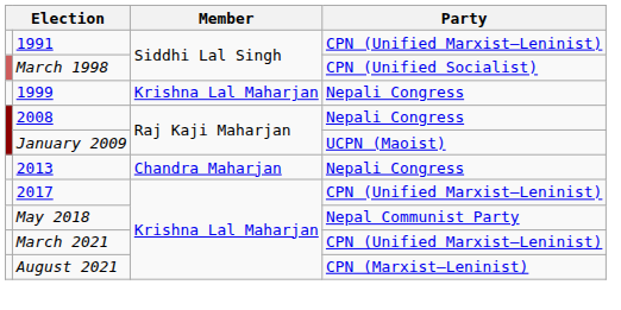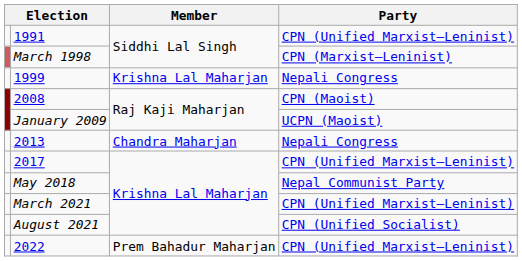 <table class="wikitable">
 <tr>
 <th colspan="2">Election</th>
 <th>Member</th>
 <th>Party</th>
 </tr>
 <tr>
 <td style="background-color:"></td>
 <td><a href='#'>1991</a></td>
 <td rowspan="2">Siddhi Lal Singh</td>
 <td><a href='#'>CPN (Unified Marxist–Leninist)</a></td>
 </tr>
 <tr>
 <td style="background-color:indianred"></td>
 <td><em>March 1998</em></td>
-<td><a href='#'>CPN (Unified Socialist)</a></td>
+<td><a href='#'>CPN (Marxist–Leninist)</a></td>
 </tr>
 <tr>
 <td style="background-color:"></td>
 <td><a href='#'>1999</a></td>
 <td><a href='#'>Krishna Lal Maharjan</a></td>
 <td><a href='#'>Nepali Congress</a></td>
 </tr>
 <tr>
 <td rowspan="2" style="background-color:darkred"></td>
 <td><a href='#'>2008</a></td>
 <td rowspan="2">Raj Kaji Maharjan</td>
-<td><a href='#'>Nepali Congress</a></td>
+<td><a href='#'>CPN (Maoist)</a></td>
 </tr>
 <tr>
 <td><em>January 2009</em></td>
 <td><a href='#'>UCPN (Maoist)</a></td>
 </tr>
 <tr>
 <td style="background-color:"></td>
 <td><a href='#'>2013</a></td>
 <td><a href='#'>Chandra Maharjan</a></td>
 <td><a href='#'>Nepali Congress</a></td>
 </tr>
 <tr>
 <td style="background-color:"></td>
 <td><a href='#'>2017</a></td>
 <td rowspan="4"><a href='#'>Krishna Lal Maharjan</a></td>
 <td><a href='#'>CPN (Unified Marxist–Leninist)</a></td>
 </tr>
 <tr>
 <td style="background-color:"></td>
 <td><em>May 2018</em></td>
 <td><a href='#'>Nepal Communist Party</a></td>
 </tr>
 <tr>
 <td style="background-color:"></td>
 <td><em>March 2021</em></td>
 <td><a href='#'>CPN (Unified Marxist–Leninist)</a></td>
 </tr>
 <tr>
 <td style="background-color:"></td>
 <td><em>August 2021</em></td>
-<td><a href='#'>CPN (Marxist–Leninist)</a></td>
+<td><a href='#'>CPN (Unified Socialist)</a></td>
+</tr>
+<tr>
+<td></td>
+<td><a href='#'>2022</a></td>
+<td>Prem Bahadur Maharjan</td>
+<td><a href='#'>CPN (Unified Marxist–Leninist)</a></td>
 </tr>
 </table>
